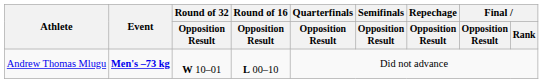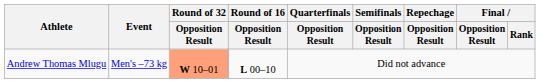 <table class="wikitable" style="font-size:90%">
 <tr>
 <th rowspan="2">Athlete</th>
 <th rowspan="2">Event</th>
 <th>Round of 32</th>
 <th>Round of 16</th>
 <th>Quarterfinals</th>
 <th>Semifinals</th>
 <th>Repechage</th>
 <th colspan=2>Final / </th>
 </tr>
 <tr style="font-size:95%">
 <th>Opposition<br>Result</th>
 <th>Opposition<br>Result</th>
 <th>Opposition<br>Result</th>
 <th>Opposition<br>Result</th>
 <th>Opposition<br>Result</th>
 <th>Opposition<br>Result</th>
 <th>Rank</th>
 </tr>
 <tr align=center>
 <td align=left><a href='#'>Andrew Thomas Mlugu</a></td>
-<td align=left><strong><a href='#'>Men's –73 kg</a></strong></td>
-<td><br><strong>W</strong> 10–01</td>
+<td align=left><a href='#'>Men's –73 kg</a></td>
+<td style="background: lightsalmon;"><br><strong>W</strong> 10–01</td>
 <td><br><strong>L</strong> 00–10</td>
 <td colspan=5>Did not advance</td>
 </tr>
 </table>
